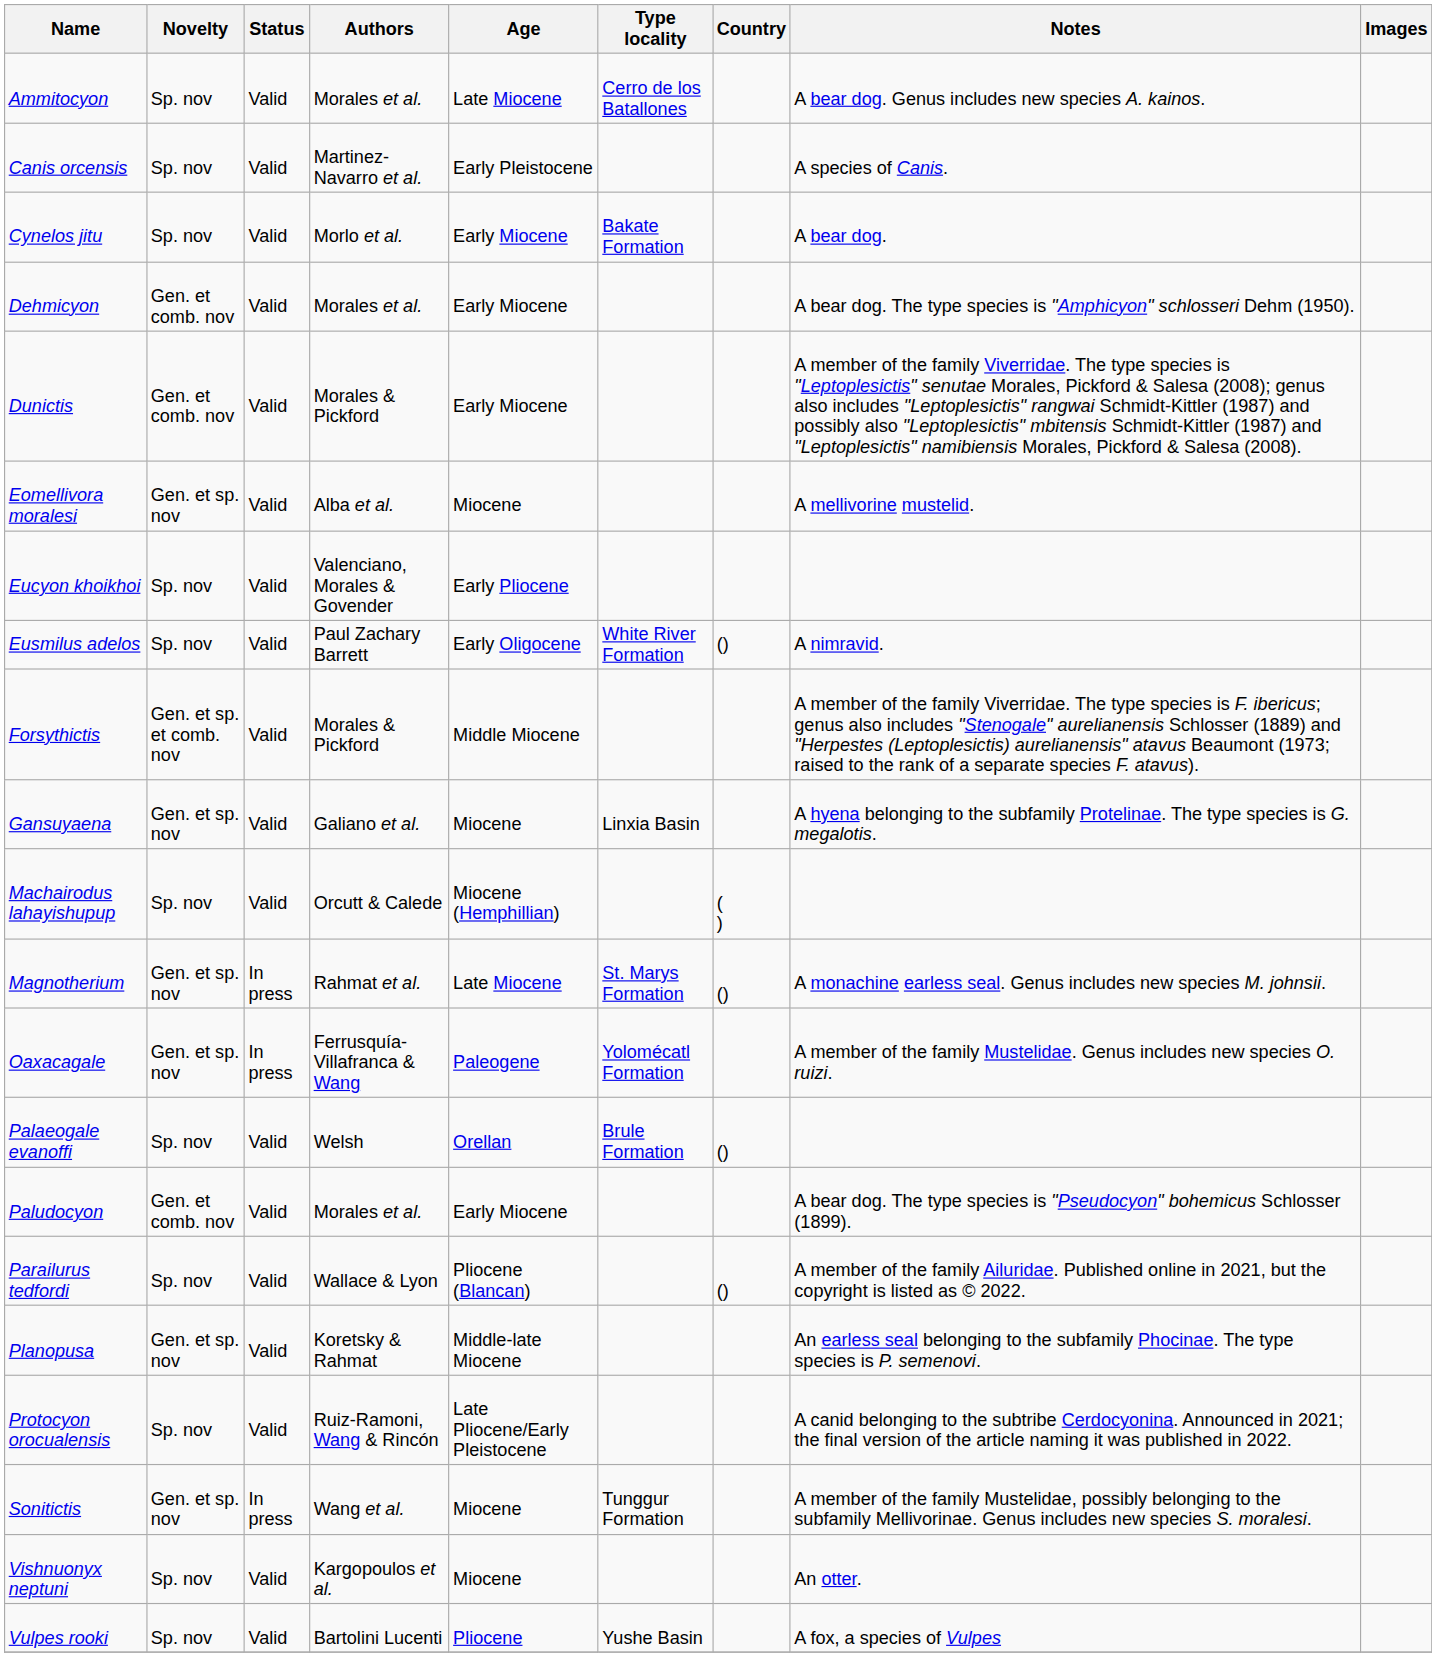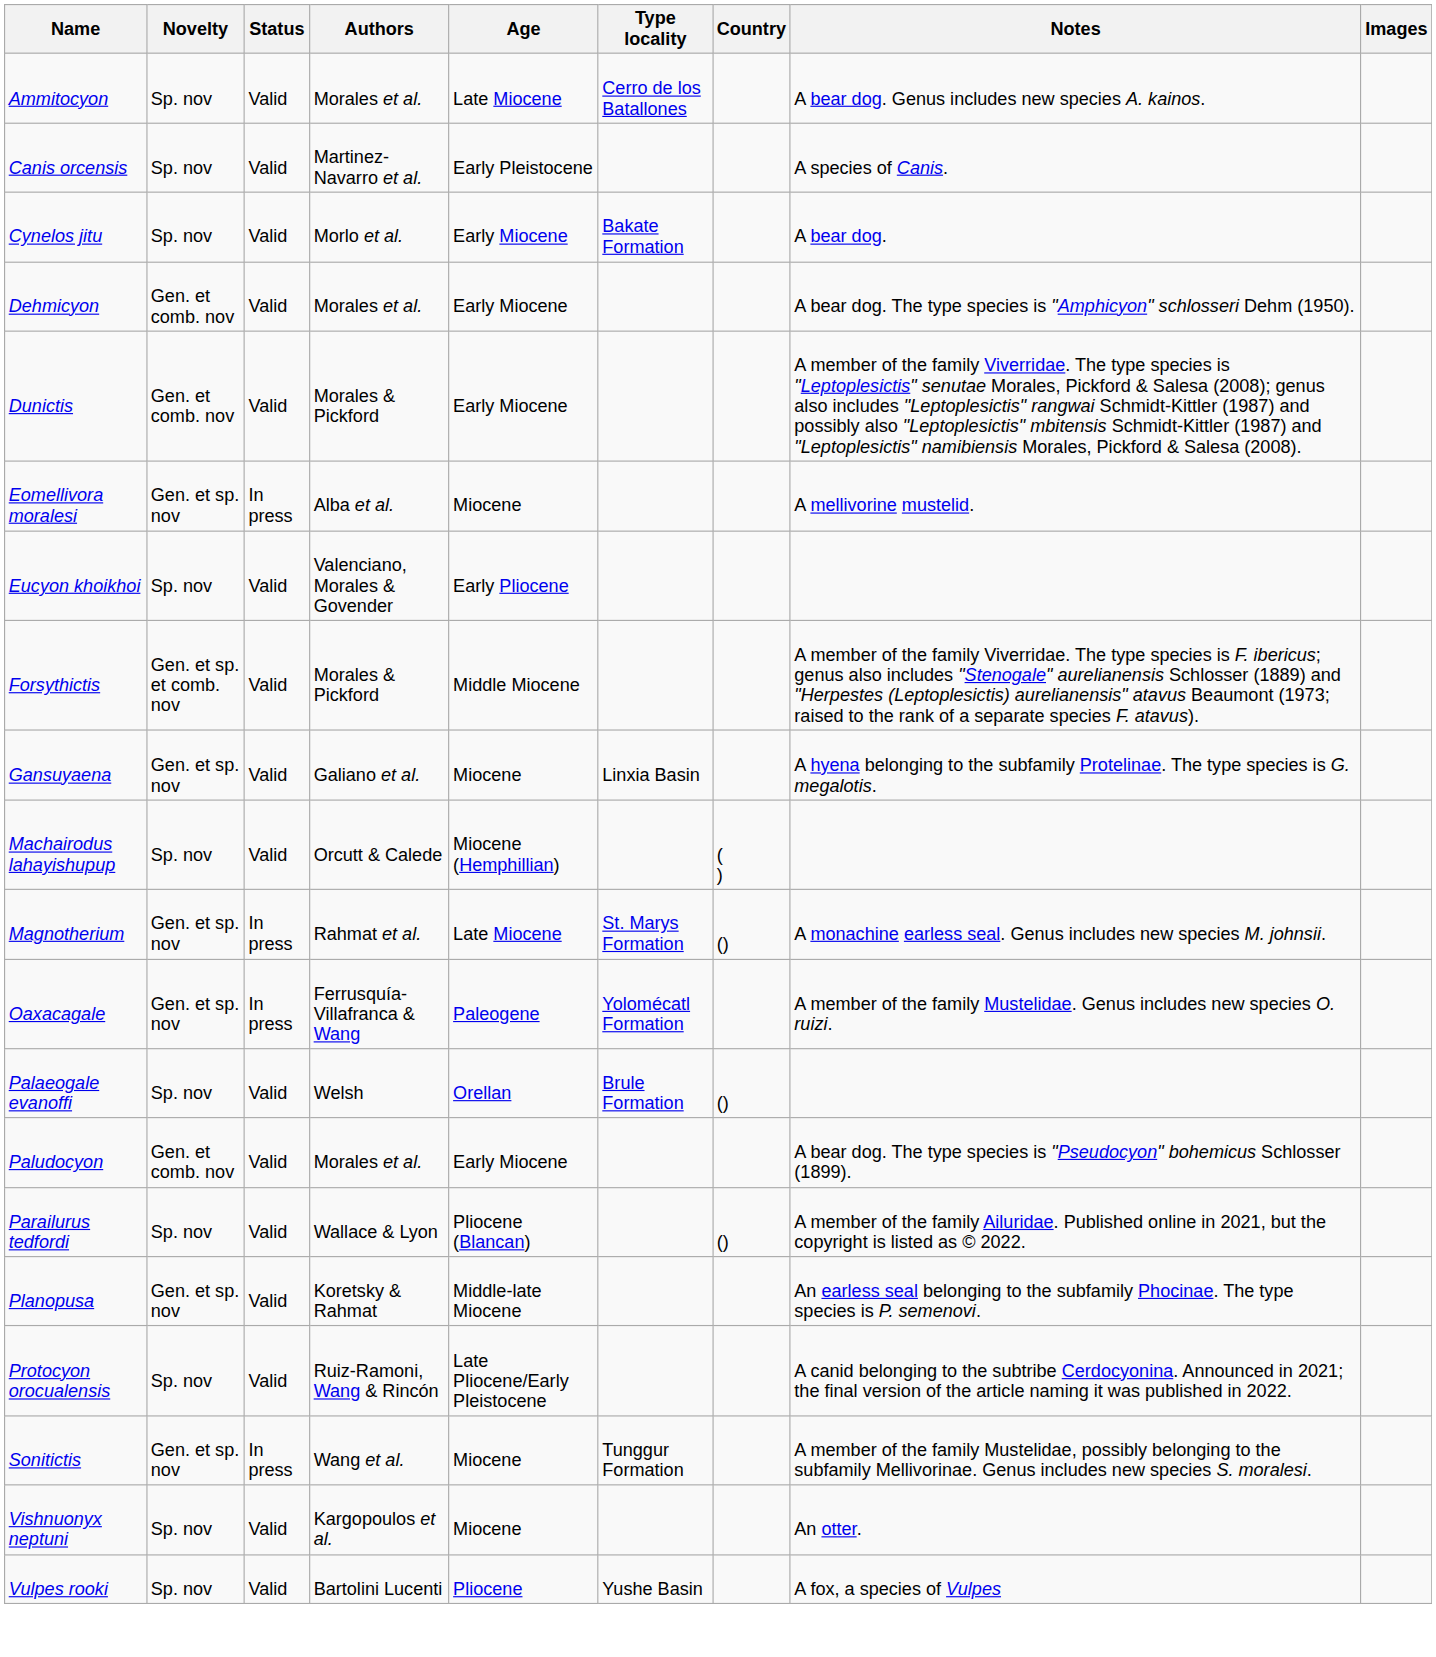 <table class="wikitable sortable" align="center" width="100%">
 <tr>
 <th>Name</th>
 <th>Novelty</th>
 <th>Status</th>
 <th>Authors</th>
 <th>Age</th>
 <th>Type locality</th>
 <th>Country</th>
 <th>Notes</th>
 <th>Images</th>
 </tr>
 <tr>
 <td><br><em><a href='#'>Ammitocyon</a></em></td>
 <td><br>Sp. nov</td>
 <td><br>Valid</td>
 <td><br>Morales <em>et al.</em></td>
 <td><br>Late <a href='#'>Miocene</a></td>
 <td><br><a href='#'>Cerro de los Batallones</a></td>
 <td><br></td>
 <td><br>A <a href='#'>bear dog</a>. Genus includes new species <em>A. kainos</em>.</td>
 <td></td>
 </tr>
 <tr>
 <td><br><em><a href='#'>Canis orcensis</a></em></td>
 <td><br>Sp. nov</td>
 <td><br>Valid</td>
 <td><br>Martinez-Navarro <em>et al.</em></td>
 <td><br>Early Pleistocene</td>
 <td></td>
 <td><br></td>
 <td><br>A species of <em><a href='#'>Canis</a></em>.</td>
 <td></td>
 </tr>
 <tr>
 <td><br><em><a href='#'>Cynelos jitu</a></em></td>
 <td><br>Sp. nov</td>
 <td><br>Valid</td>
 <td><br>Morlo <em>et al.</em></td>
 <td><br>Early <a href='#'>Miocene</a></td>
 <td><br><a href='#'>Bakate Formation</a></td>
 <td><br></td>
 <td><br>A <a href='#'>bear dog</a>.</td>
 <td></td>
 </tr>
 <tr>
 <td><br><em><a href='#'>Dehmicyon</a></em></td>
 <td><br>Gen. et comb. nov</td>
 <td><br>Valid</td>
 <td><br>Morales <em>et al.</em></td>
 <td><br>Early Miocene</td>
 <td></td>
 <td><br><br> </td>
 <td><br>A bear dog. The type species is <em>"<a href='#'>Amphicyon</a>" schlosseri</em> Dehm (1950).</td>
 <td></td>
 </tr>
 <tr>
 <td><br><em><a href='#'>Dunictis</a></em></td>
 <td><br>Gen. et comb. nov</td>
 <td><br>Valid</td>
 <td><br>Morales & Pickford</td>
 <td><br>Early Miocene</td>
 <td></td>
 <td><br><br> </td>
 <td><br>A member of the family <a href='#'>Viverridae</a>. The type species is <em>"<a href='#'>Leptoplesictis</a>" senutae</em> Morales, Pickford & Salesa (2008); genus also includes <em>"Leptoplesictis" rangwai</em> Schmidt-Kittler (1987) and possibly also <em>"Leptoplesictis" mbitensis</em> Schmidt-Kittler (1987) and <em>"Leptoplesictis" namibiensis</em> Morales, Pickford & Salesa (2008).</td>
 <td></td>
 </tr>
 <tr>
 <td><br><em><a href='#'>Eomellivora moralesi</a> </em></td>
 <td><br>Gen. et sp. nov</td>
-<td><br>Valid</td>
+<td><br>In press</td>
 <td><br>Alba <em>et al.</em></td>
 <td><br>Miocene</td>
 <td></td>
 <td><br></td>
 <td><br>A <a href='#'>mellivorine</a> <a href='#'>mustelid</a>.</td>
 <td></td>
 </tr>
 <tr>
 <td><br><em><a href='#'>Eucyon khoikhoi</a></em></td>
 <td><br>Sp. nov</td>
 <td><br>Valid</td>
 <td><br>Valenciano, Morales & Govender</td>
 <td><br>Early <a href='#'>Pliocene</a></td>
 <td></td>
 <td><br></td>
 <td></td>
-<td></td>
-</tr>
-<tr>
-<td><a href='#'><em>Eusmilus adelos</em></a></td>
-<td>Sp. nov</td>
-<td>Valid</td>
-<td>Paul Zachary Barrett</td>
-<td>Early <a href='#'>Oligocene</a></td>
-<td><a href='#'>White River Formation</a></td>
-<td>()</td>
-<td>A <a href='#'>nimravid</a>.</td>
 <td></td>
 </tr>
 <tr>
 <td><br><em><a href='#'>Forsythictis</a></em></td>
 <td><br>Gen. et sp. et comb. nov</td>
 <td><br>Valid</td>
 <td><br>Morales & Pickford</td>
 <td><br>Middle Miocene</td>
 <td></td>
 <td><br><br> <br> </td>
 <td><br>A member of the family Viverridae. The type species is <em>F. ibericus</em>; genus also includes <em>"<a href='#'>Stenogale</a>" aurelianensis</em> Schlosser (1889) and <em>"Herpestes (Leptoplesictis) aurelianensis" atavus</em> Beaumont (1973; raised to the rank of a separate species <em>F. atavus</em>).</td>
 <td></td>
 </tr>
 <tr>
 <td><br><em><a href='#'>Gansuyaena</a></em></td>
 <td><br>Gen. et sp. nov</td>
 <td><br>Valid</td>
 <td><br>Galiano <em>et al.</em></td>
 <td><br>Miocene</td>
 <td><br>Linxia Basin</td>
 <td><br></td>
 <td><br>A <a href='#'>hyena</a> belonging to the subfamily <a href='#'>Protelinae</a>. The type species is <em>G. megalotis</em>.</td>
 <td></td>
 </tr>
 <tr>
 <td><br><em><a href='#'>Machairodus lahayishupup</a></em></td>
 <td><br>Sp. nov</td>
 <td><br>Valid</td>
 <td><br>Orcutt & Calede</td>
 <td><br>Miocene (<a href='#'>Hemphillian</a>)</td>
 <td></td>
 <td><br><br>(<br>)</td>
 <td></td>
 <td></td>
 </tr>
 <tr>
 <td><br><em><a href='#'>Magnotherium</a></em></td>
 <td><br>Gen. et sp. nov</td>
 <td><br>In press</td>
 <td><br>Rahmat <em>et al.</em></td>
 <td><br>Late <a href='#'>Miocene</a></td>
 <td><br><a href='#'>St. Marys Formation</a></td>
 <td><br><br>()</td>
 <td><br>A <a href='#'>monachine</a> <a href='#'>earless seal</a>. Genus includes new species <em>M. johnsii</em>.</td>
 <td></td>
 </tr>
 <tr>
 <td><br><em><a href='#'>Oaxacagale</a></em></td>
 <td><br>Gen. et sp. nov</td>
 <td><br>In press</td>
 <td><br>Ferrusquía-Villafranca & <a href='#'>Wang</a></td>
 <td><br><a href='#'>Paleogene</a></td>
 <td><br><a href='#'>Yolomécatl Formation</a></td>
 <td><br></td>
 <td><br>A member of the family <a href='#'>Mustelidae</a>. Genus includes new species <em>O. ruizi</em>.</td>
 <td></td>
 </tr>
 <tr>
 <td><br><em><a href='#'>Palaeogale evanoffi</a></em></td>
 <td><br>Sp. nov</td>
 <td><br>Valid</td>
 <td><br>Welsh</td>
 <td><br><a href='#'>Orellan</a></td>
 <td><br><a href='#'>Brule Formation</a></td>
 <td><br><br>()</td>
 <td></td>
 <td></td>
 </tr>
 <tr>
 <td><br><em><a href='#'>Paludocyon</a></em></td>
 <td><br>Gen. et comb. nov</td>
 <td><br>Valid</td>
 <td><br>Morales <em>et al.</em></td>
 <td><br>Early Miocene</td>
 <td></td>
 <td><br></td>
 <td><br>A bear dog. The type species is <em>"<a href='#'>Pseudocyon</a>" bohemicus</em> Schlosser (1899).</td>
 <td></td>
 </tr>
 <tr>
 <td><br><em><a href='#'>Parailurus tedfordi</a></em></td>
 <td><br>Sp. nov</td>
 <td><br>Valid</td>
 <td><br>Wallace & Lyon</td>
 <td><br>Pliocene (<a href='#'>Blancan</a>)</td>
 <td></td>
 <td><br><br>()</td>
 <td><br>A member of the family <a href='#'>Ailuridae</a>. Published online in 2021, but the copyright is listed as © 2022.</td>
 <td></td>
 </tr>
 <tr>
 <td><br><em><a href='#'>Planopusa</a></em></td>
 <td><br>Gen. et sp. nov</td>
 <td><br>Valid</td>
 <td><br>Koretsky & Rahmat</td>
 <td><br>Middle-late Miocene</td>
 <td></td>
 <td><br></td>
 <td><br>An <a href='#'>earless seal</a> belonging to the subfamily <a href='#'>Phocinae</a>. The type species is <em>P. semenovi</em>.</td>
 <td></td>
 </tr>
 <tr>
 <td><br><em><a href='#'>Protocyon orocualensis</a></em></td>
 <td><br>Sp. nov</td>
 <td><br>Valid</td>
 <td><br>Ruiz-Ramoni, <a href='#'>Wang</a> & Rincón</td>
 <td><br>Late Pliocene/Early Pleistocene</td>
 <td></td>
 <td><br></td>
 <td><br>A canid belonging to the subtribe <a href='#'>Cerdocyonina</a>. Announced in 2021; the final version of the article naming it was published in 2022.</td>
 <td></td>
 </tr>
 <tr>
 <td><br><em><a href='#'>Sonitictis</a></em></td>
 <td><br>Gen. et sp. nov</td>
 <td><br>In press</td>
 <td><br>Wang <em>et al.</em></td>
 <td><br>Miocene</td>
 <td><br>Tunggur Formation</td>
 <td><br></td>
 <td><br>A member of the family Mustelidae, possibly belonging to the subfamily Mellivorinae. Genus includes new species <em>S. moralesi</em>.</td>
 <td></td>
 </tr>
 <tr>
 <td><br><em><a href='#'>Vishnuonyx neptuni</a></em></td>
 <td><br>Sp. nov</td>
 <td><br>Valid</td>
 <td><br>Kargopoulos <em>et al.</em></td>
 <td><br>Miocene</td>
 <td></td>
 <td><br></td>
 <td><br>An <a href='#'>otter</a>.</td>
 <td></td>
 </tr>
 <tr>
 <td><br><em><a href='#'>Vulpes rooki</a></em></td>
 <td><br>Sp. nov</td>
 <td><br>Valid</td>
 <td><br>Bartolini Lucenti</td>
 <td><br><a href='#'>Pliocene</a></td>
 <td><br>Yushe Basin</td>
 <td><br></td>
 <td><br>A fox, a species of <em><a href='#'>Vulpes</a></em></td>
 <td></td>
 </tr>
 <tr>
 </tr>
 </table>
